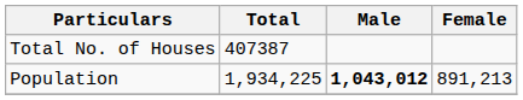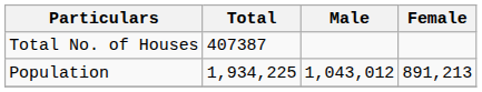 <table class="wikitable sortable">
 <tr>
 <th>Particulars</th>
 <th>Total</th>
 <th>Male</th>
 <th>Female</th>
 </tr>
 <tr>
 <td>Total No. of Houses</td>
 <td>407387</td>
 <td></td>
 <td></td>
 </tr>
 <tr>
 <td>Population</td>
 <td>1,934,225</td>
-<td><strong>1,043,012</strong></td>
+<td>1,043,012</td>
 <td>891,213</td>
 </tr>
 <tr>
 </tr>
 </table>
